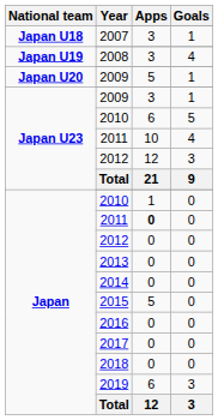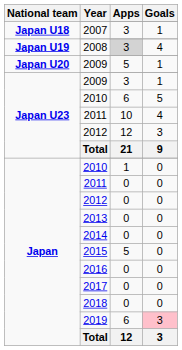 <table class="wikitable" style="font-size:90%; text-align: center">
 <tr>
 <th>National team</th>
 <th>Year</th>
 <th>Apps</th>
 <th>Goals</th>
 </tr>
 <tr>
 <td rowspan="2"><strong><a href='#'>Japan U18</a></strong></td>
 </tr>
 <tr>
 <td>2007</td>
 <td>3</td>
 <td>1</td>
 </tr>
 <tr>
 <td rowspan="2"><strong><a href='#'>Japan U19</a></strong></td>
 </tr>
 <tr>
 <td>2008</td>
-<td>3</td>
+<td style="background: lightgrey;">3</td>
 <td>4</td>
 </tr>
 <tr>
 <td rowspan="2"><strong><a href='#'>Japan U20</a></strong></td>
 </tr>
 <tr>
 <td>2009</td>
 <td>5</td>
 <td>1</td>
 </tr>
 <tr>
 <td rowspan="6"><strong><a href='#'>Japan U23</a></strong></td>
 </tr>
 <tr>
 <td>2009</td>
 <td>3</td>
 <td>1</td>
 </tr>
 <tr>
 <td>2010</td>
 <td>6</td>
 <td>5</td>
 </tr>
 <tr>
 <td>2011</td>
 <td>10</td>
 <td>4</td>
 </tr>
 <tr>
 <td>2012</td>
 <td>12</td>
 <td>3</td>
 </tr>
 <tr>
 <th colspan=1>Total</th>
 <th>21</th>
 <th>9</th>
 </tr>
 <tr>
 <td rowspan="12"><strong><a href='#'>Japan</a></strong></td>
 </tr>
 <tr>
 <td><a href='#'>2010</a></td>
 <td>1</td>
 <td>0</td>
 </tr>
 <tr>
 <td><a href='#'>2011</a></td>
-<td><strong>0</strong></td>
+<td>0</td>
 <td>0</td>
 </tr>
 <tr>
 <td><a href='#'>2012</a></td>
 <td>0</td>
 <td>0</td>
 </tr>
 <tr>
 <td><a href='#'>2013</a></td>
 <td>0</td>
 <td>0</td>
 </tr>
 <tr>
 <td><a href='#'>2014</a></td>
 <td>0</td>
 <td>0</td>
 </tr>
 <tr>
 <td><a href='#'>2015</a></td>
 <td>5</td>
 <td>0</td>
 </tr>
 <tr>
 <td><a href='#'>2016</a></td>
 <td>0</td>
 <td>0</td>
 </tr>
 <tr>
 <td><a href='#'>2017</a></td>
 <td>0</td>
 <td>0</td>
 </tr>
 <tr>
 <td><a href='#'>2018</a></td>
 <td>0</td>
 <td>0</td>
 </tr>
 <tr>
 <td><a href='#'>2019</a></td>
 <td>6</td>
-<td>3</td>
+<td style="background: pink;">3</td>
 </tr>
 <tr>
 <th colspan=1>Total</th>
 <th>12</th>
 <th>3</th>
 </tr>
 </table>
